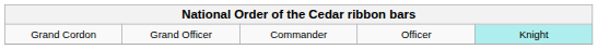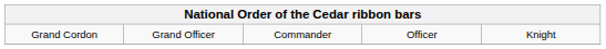 <table align=center class=wikitable width=60%>
 <tr>
 <th colspan=5>National Order of the Cedar ribbon bars</th>
 </tr>
 <tr>
 <td width=20% valign=top align=center><small>Grand Cordon</small></td>
 <td width=20% valign=top align=center><small>Grand Officer</small></td>
 <td width=20% valign=top align=center><small>Commander</small></td>
 <td width=20% valign=top align=center><small>Officer</small></td>
-<td width=20% valign=top align=center style="background: paleturquoise;"><small>Knight</small></td>
+<td width=20% valign=top align=center><small>Knight</small></td>
 </tr>
 <tr>
 </tr>
 </table>
